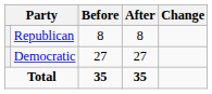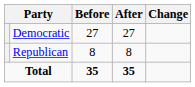 <table class="wikitable" style="text-align:center;">
 <tr>
 <th colspan="2">Party</th>
 <th>Before</th>
 <th>After</th>
 <th>Change</th>
 </tr>
 <tr>
 <th style="background-color:"></th>
-<td style="text-align:left;"><a href='#'>Republican</a></td>
-<td>8</td>
-<td>8</td>
+<td style="text-align:left;"><a href='#'>Democratic</a></td>
+<td>27</td>
+<td>27</td>
 <td></td>
 </tr>
 <tr>
 <th style="background-color:"></th>
-<td style="text-align:left;"><a href='#'>Democratic</a></td>
-<td>27</td>
-<td>27</td>
+<td style="text-align:left;"><a href='#'>Republican</a></td>
+<td>8</td>
+<td>8</td>
 <td></td>
 </tr>
 <tr>
 <td colspan="2"><strong>Total</strong></td>
 <td><strong>35</strong></td>
 <td><strong>35</strong></td>
 <td></td>
 </tr>
 </table>
